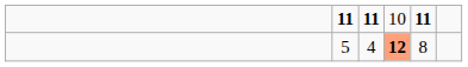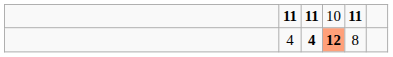 <table class="wikitable">
 <tr>
 <td style="width:18em"></td>
 <td align=center style="width:1em"><strong>11</strong></td>
 <td align=center style="width:1em"><strong>11</strong></td>
 <td align=center style="width:1em">10</td>
 <td align=center style="width:1em"><strong>11</strong></td>
 <td align=center style="width:1em"></td>
 </tr>
 <tr>
 <td style="width:18em"></td>
-<td align=center style="width:1em">5</td>
 <td align=center style="width:1em">4</td>
+<td align=center style="width:1em"><strong>4</strong></td>
 <td align=center style="background: lightsalmon; width:1em"><strong>12</strong></td>
 <td align=center style="width:1em">8</td>
 <td align=center style="width:1em"></td>
 </tr>
 </table>
